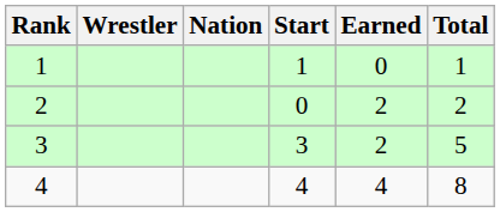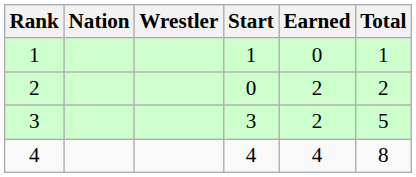 <table class="wikitable sortable" style="text-align:center;">
 <tr>
 <th>Rank</th>
+<th>Nation</th>
 <th>Wrestler</th>
-<th>Nation</th>
 <th>Start</th>
 <th>Earned</th>
 <th>Total</th>
 </tr>
 <tr style="background:#cfc;">
 <td>1</td>
 <td align=left></td>
 <td align=left></td>
 <td>1</td>
 <td>0</td>
 <td>1</td>
 </tr>
 <tr style="background:#cfc;">
 <td>2</td>
 <td align=left></td>
 <td align=left></td>
 <td>0</td>
 <td>2</td>
 <td>2</td>
 </tr>
 <tr style="background:#cfc;">
 <td>3</td>
 <td align=left></td>
 <td align=left></td>
 <td>3</td>
 <td>2</td>
 <td>5</td>
 </tr>
 <tr>
 <td>4</td>
 <td align=left></td>
 <td align=left></td>
 <td>4</td>
 <td>4</td>
 <td>8</td>
 </tr>
 </table>
